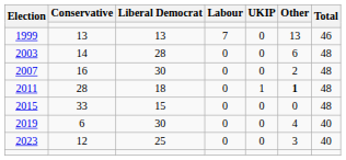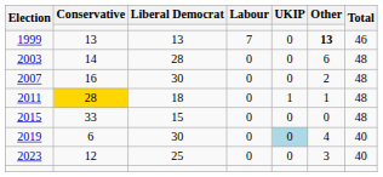 <table class="wikitable" style="text-align: center">
 <tr>
 <th rowspan="2">Election</th>
 <th>Conservative</th>
 <th>Liberal Democrat</th>
 <th>Labour</th>
 <th>UKIP</th>
 <th>Other</th>
 <th rowspan="2">Total</th>
 </tr>
 <tr>
 <td style="background-color: "></td>
 <td style="background-color: "></td>
 <td style="background-color: "></td>
 <td style="background-color: "></td>
 <td style="background-color: "></td>
 </tr>
 <tr>
 <td><a href='#'>1999</a></td>
 <td>13</td>
 <td>13</td>
 <td>7</td>
 <td>0</td>
-<td>13</td>
+<td><strong>13</strong></td>
 <td>46</td>
 </tr>
 <tr>
 <td><a href='#'>2003</a></td>
 <td>14</td>
 <td>28</td>
 <td>0</td>
 <td>0</td>
 <td>6</td>
 <td>48</td>
 </tr>
 <tr>
 <td><a href='#'>2007</a></td>
 <td>16</td>
 <td>30</td>
 <td>0</td>
 <td>0</td>
 <td>2</td>
 <td>48</td>
 </tr>
 <tr>
 <td><a href='#'>2011</a></td>
-<td>28</td>
+<td style="background: gold;">28</td>
 <td>18</td>
 <td>0</td>
 <td>1</td>
-<td><strong>1</strong></td>
+<td>1</td>
 <td>48</td>
 </tr>
 <tr>
 <td><a href='#'>2015</a></td>
 <td>33</td>
 <td>15</td>
 <td>0</td>
 <td>0</td>
 <td>0</td>
 <td>48</td>
 </tr>
 <tr>
 <td><a href='#'>2019</a></td>
 <td>6</td>
 <td>30</td>
 <td>0</td>
-<td>0</td>
+<td style="background: lightblue;">0</td>
 <td>4</td>
 <td>40</td>
 </tr>
 <tr>
 <td><a href='#'>2023</a></td>
 <td>12</td>
 <td>25</td>
 <td>0</td>
 <td>0</td>
 <td>3</td>
 <td>40</td>
 </tr>
 <tr>
 <td></td>
 <td style="background-color: "></td>
 <td style="background-color: "></td>
 <td style="background-color: "></td>
 <td style="background-color: "></td>
 <td style="background-color: "></td>
 <td></td>
 </tr>
 </table>
